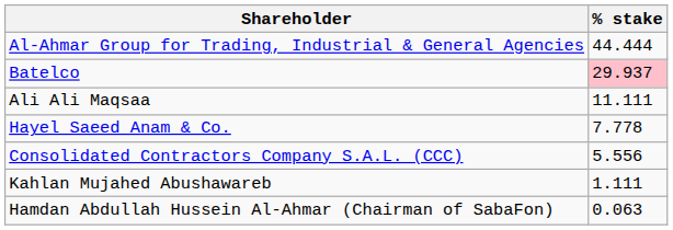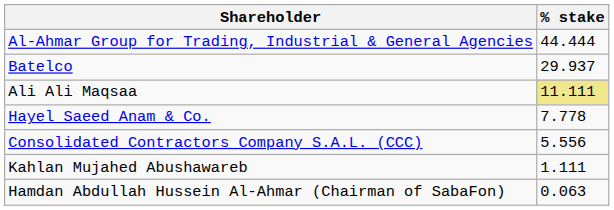 <table class="wikitable">
 <tr>
 <th>Shareholder</th>
 <th>% stake</th>
 </tr>
 <tr>
 <td><a href='#'>Al-Ahmar Group for Trading, Industrial & General Agencies</a></td>
 <td>44.444</td>
 </tr>
 <tr>
 <td><a href='#'>Batelco</a></td>
-<td style="background: pink;">29.937</td>
+<td>29.937</td>
 </tr>
 <tr>
 <td>Ali Ali Maqsaa</td>
-<td>11.111</td>
+<td style="background: khaki;">11.111</td>
 </tr>
 <tr>
 <td><a href='#'>Hayel Saeed Anam & Co.</a></td>
 <td>7.778</td>
 </tr>
 <tr>
 <td><a href='#'>Consolidated Contractors Company S.A.L. (CCC)</a></td>
 <td>5.556</td>
 </tr>
 <tr>
 <td>Kahlan Mujahed Abushawareb</td>
 <td>1.111</td>
 </tr>
 <tr>
 <td>Hamdan Abdullah Hussein Al-Ahmar (Chairman of SabaFon)</td>
 <td>0.063</td>
 </tr>
 </table>
